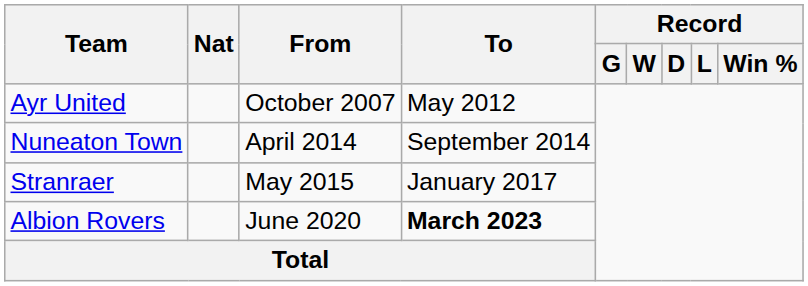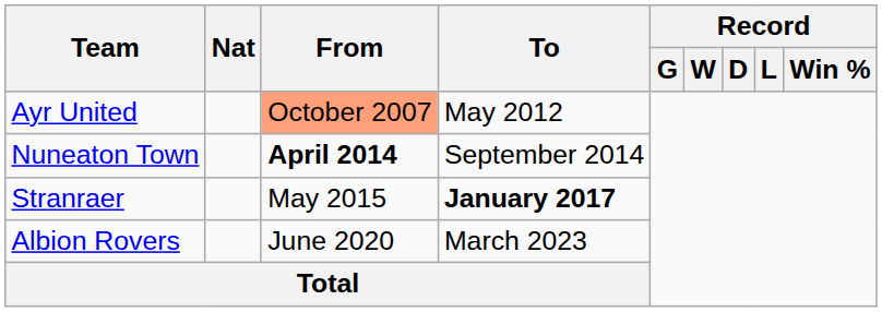 <table class="wikitable" style="text-align: center">
 <tr>
 <th rowspan="2">Team</th>
 <th rowspan="2">Nat</th>
 <th rowspan="2">From</th>
 <th rowspan="2">To</th>
 <th colspan="5">Record</th>
 </tr>
 <tr>
 <th>G</th>
 <th>W</th>
 <th>D</th>
 <th>L</th>
 <th>Win %</th>
 </tr>
 <tr>
 <td align=left><a href='#'>Ayr United</a></td>
 <td></td>
-<td align=left>October 2007</td>
+<td align=left style="background: lightsalmon;">October 2007</td>
 <td align=left>May 2012<br></td>
 </tr>
 <tr>
 <td align=left><a href='#'>Nuneaton Town</a></td>
 <td></td>
-<td align=left>April 2014</td>
+<td align=left><strong>April 2014</strong></td>
 <td align=left>September 2014<br></td>
 </tr>
 <tr>
 <td align=left><a href='#'>Stranraer</a></td>
 <td></td>
 <td align=left>May 2015</td>
-<td align=left>January 2017<br></td>
+<td align=left><strong>January 2017<br></strong></td>
 </tr>
 <tr>
 <td align=left><a href='#'>Albion Rovers</a></td>
 <td></td>
 <td align=left>June 2020</td>
-<td align=left><strong>March 2023<br></strong></td>
+<td align=left>March 2023<br></td>
 </tr>
 <tr>
 <th colspan=4>Total<br></th>
 </tr>
 </table>
